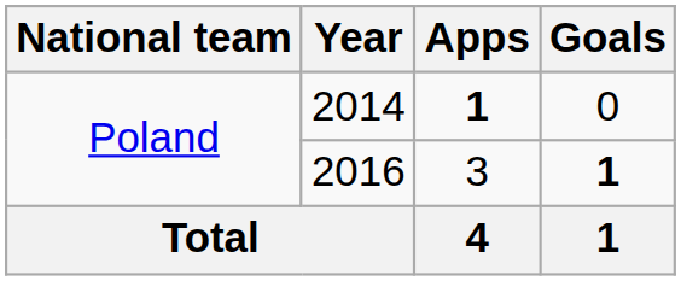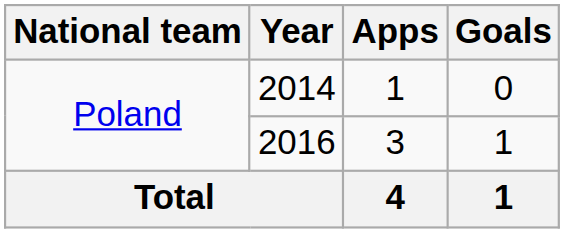 <table class="wikitable" style="text-align:center">
 <tr>
 <th>National team</th>
 <th>Year</th>
 <th>Apps</th>
 <th>Goals</th>
 </tr>
 <tr>
 <td rowspan="2"><a href='#'>Poland</a></td>
 <td>2014</td>
-<td><strong>1</strong></td>
+<td>1</td>
 <td>0</td>
 </tr>
 <tr>
 <td>2016</td>
 <td>3</td>
-<td><strong>1</strong></td>
+<td>1</td>
 </tr>
 <tr>
 <th colspan="2">Total</th>
 <th>4</th>
 <th>1</th>
 </tr>
 </table>
